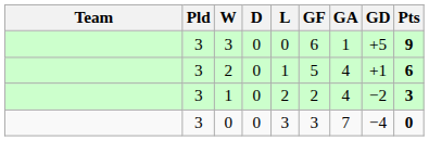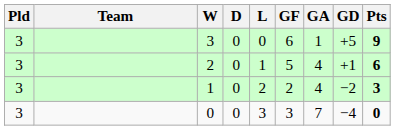 <table class=wikitable style="text-align:center">
 <tr>
+<th width=20>Pld</th>
 <th width=165>Team</th>
-<th width=20>Pld</th>
 <th width=20>W</th>
 <th width=20>D</th>
 <th width=20>L</th>
 <th width=20>GF</th>
 <th width=20>GA</th>
 <th width=20>GD</th>
 <th width=20>Pts</th>
 </tr>
 <tr align=center bgcolor=ccffcc>
+<td>3</td>
 <td align=left></td>
-<td>3</td>
 <td>3</td>
 <td>0</td>
 <td>0</td>
 <td>6</td>
 <td>1</td>
 <td>+5</td>
 <td><strong>9</strong></td>
 </tr>
 <tr align=center bgcolor=ccffcc>
+<td>3</td>
 <td align=left></td>
-<td>3</td>
 <td>2</td>
 <td>0</td>
 <td>1</td>
 <td>5</td>
 <td>4</td>
 <td>+1</td>
 <td><strong>6</strong></td>
 </tr>
 <tr align=center bgcolor=ccffcc>
+<td>3</td>
 <td align=left></td>
-<td>3</td>
 <td>1</td>
 <td>0</td>
 <td>2</td>
 <td>2</td>
 <td>4</td>
 <td>−2</td>
 <td><strong>3</strong></td>
 </tr>
 <tr align=center>
+<td>3</td>
 <td align=left></td>
-<td>3</td>
 <td>0</td>
 <td>0</td>
 <td>3</td>
 <td>3</td>
 <td>7</td>
 <td>−4</td>
 <td><strong>0</strong></td>
 </tr>
 </table>
